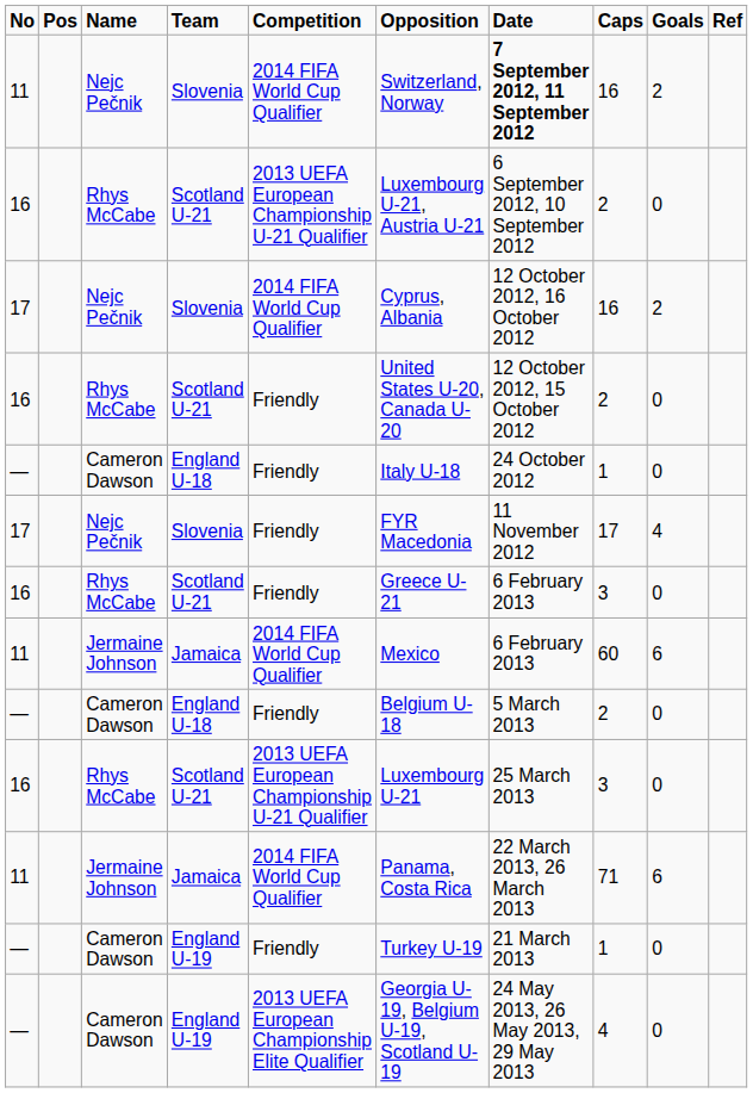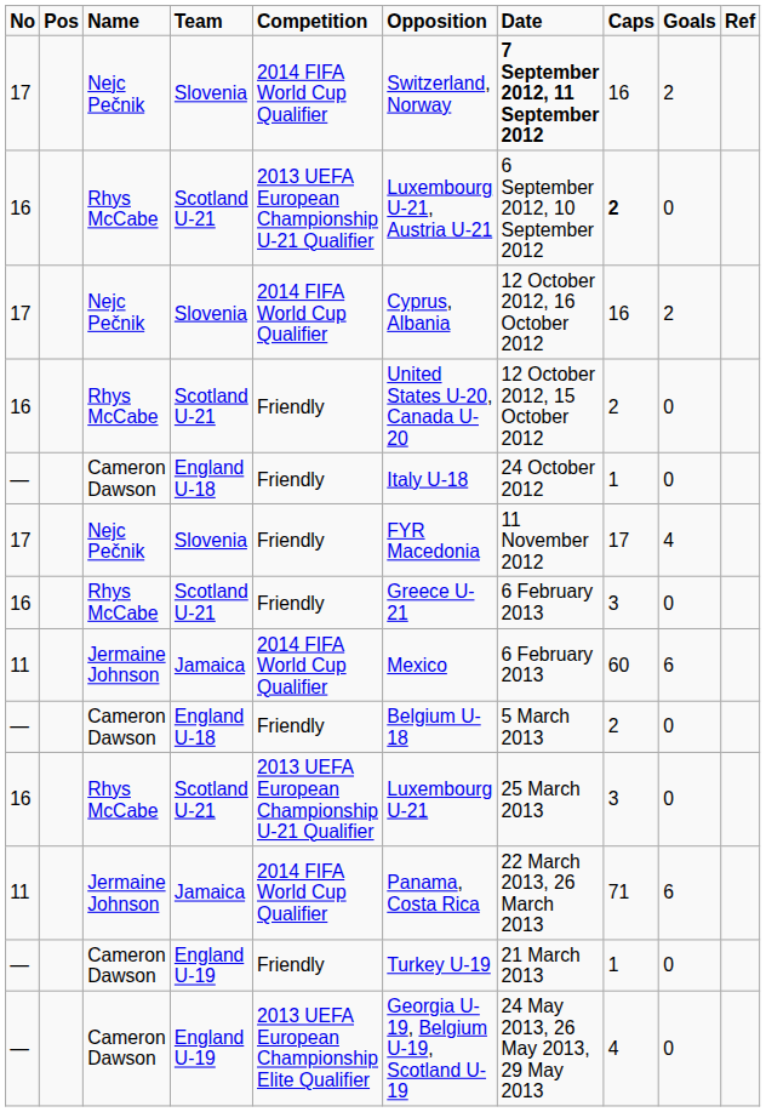 <table class="wikitable" style="width:90%; text-align:center; font-size:95%; text-align:left;">
 <tr>
 <td><strong>No</strong></td>
 <td><strong>Pos</strong></td>
 <td><strong>Name</strong></td>
 <td><strong>Team</strong></td>
 <td><strong>Competition</strong></td>
 <td><strong>Opposition</strong></td>
 <td><strong>Date</strong></td>
 <td><strong>Caps</strong></td>
 <td><strong>Goals</strong></td>
 <td><strong>Ref</strong></td>
 </tr>
 <tr>
-<td>11</td>
+<td>17</td>
 <td></td>
 <td> <a href='#'>Nejc Pečnik</a></td>
 <td><a href='#'>Slovenia</a></td>
 <td><a href='#'>2014 FIFA World Cup Qualifier</a></td>
 <td><a href='#'>Switzerland</a>, <a href='#'>Norway</a></td>
 <td><strong>7 September 2012, 11 September 2012</strong></td>
 <td>16</td>
 <td>2</td>
 <td></td>
 </tr>
 <tr>
 <td>16</td>
 <td></td>
 <td> <a href='#'>Rhys McCabe</a></td>
 <td><a href='#'>Scotland U-21</a></td>
 <td><a href='#'>2013 UEFA European Championship U-21 Qualifier</a></td>
 <td><a href='#'>Luxembourg U-21</a>, <a href='#'>Austria U-21</a></td>
 <td>6 September 2012, 10 September 2012</td>
-<td>2</td>
+<td><strong>2</strong></td>
 <td>0</td>
 <td></td>
 </tr>
 <tr>
 <td>17</td>
 <td></td>
 <td> <a href='#'>Nejc Pečnik</a></td>
 <td><a href='#'>Slovenia</a></td>
 <td><a href='#'>2014 FIFA World Cup Qualifier</a></td>
 <td><a href='#'>Cyprus</a>, <a href='#'>Albania</a></td>
 <td>12 October 2012, 16 October 2012</td>
 <td>16</td>
 <td>2</td>
 <td></td>
 </tr>
 <tr>
 <td>16</td>
 <td></td>
 <td> <a href='#'>Rhys McCabe</a></td>
 <td><a href='#'>Scotland U-21</a></td>
 <td>Friendly</td>
 <td><a href='#'>United States U-20</a>, <a href='#'>Canada U-20</a></td>
 <td>12 October 2012, 15 October 2012</td>
 <td>2</td>
 <td>0</td>
 <td></td>
 </tr>
 <tr>
 <td>—</td>
 <td></td>
 <td> Cameron Dawson</td>
 <td><a href='#'>England U-18</a></td>
 <td>Friendly</td>
 <td><a href='#'>Italy U-18</a></td>
 <td>24 October 2012</td>
 <td>1</td>
 <td>0</td>
 <td></td>
 </tr>
 <tr>
 <td>17</td>
 <td></td>
 <td> <a href='#'>Nejc Pečnik</a></td>
 <td><a href='#'>Slovenia</a></td>
 <td>Friendly</td>
 <td><a href='#'>FYR Macedonia</a></td>
 <td>11 November 2012</td>
 <td>17</td>
 <td>4</td>
 <td></td>
 </tr>
 <tr>
 <td>16</td>
 <td></td>
 <td> <a href='#'>Rhys McCabe</a></td>
 <td><a href='#'>Scotland U-21</a></td>
 <td>Friendly</td>
 <td><a href='#'>Greece U-21</a></td>
 <td>6 February 2013</td>
 <td>3</td>
 <td>0</td>
 <td></td>
 </tr>
 <tr>
 <td>11</td>
 <td></td>
 <td> <a href='#'>Jermaine Johnson</a></td>
 <td><a href='#'>Jamaica</a></td>
 <td><a href='#'>2014 FIFA World Cup Qualifier</a></td>
 <td><a href='#'>Mexico</a></td>
 <td>6 February 2013</td>
 <td>60</td>
 <td>6</td>
 <td></td>
 </tr>
 <tr>
 <td>—</td>
 <td></td>
 <td> Cameron Dawson</td>
 <td><a href='#'>England U-18</a></td>
 <td>Friendly</td>
 <td><a href='#'>Belgium U-18</a></td>
 <td>5 March 2013</td>
 <td>2</td>
 <td>0</td>
 <td></td>
 </tr>
 <tr>
 <td>16</td>
 <td></td>
 <td> <a href='#'>Rhys McCabe</a></td>
 <td><a href='#'>Scotland U-21</a></td>
 <td><a href='#'>2013 UEFA European Championship U-21 Qualifier</a></td>
 <td><a href='#'>Luxembourg U-21</a></td>
 <td>25 March 2013</td>
 <td>3</td>
 <td>0</td>
 <td></td>
 </tr>
 <tr>
 <td>11</td>
 <td></td>
 <td> <a href='#'>Jermaine Johnson</a></td>
 <td><a href='#'>Jamaica</a></td>
 <td><a href='#'>2014 FIFA World Cup Qualifier</a></td>
 <td><a href='#'>Panama</a>, <a href='#'>Costa Rica</a></td>
 <td>22 March 2013, 26 March 2013</td>
 <td>71</td>
 <td>6</td>
 <td></td>
 </tr>
 <tr>
 <td>—</td>
 <td></td>
 <td> Cameron Dawson</td>
 <td><a href='#'>England U-19</a></td>
 <td>Friendly</td>
 <td><a href='#'>Turkey U-19</a></td>
 <td>21 March 2013</td>
 <td>1</td>
 <td>0</td>
 <td></td>
 </tr>
 <tr>
 <td>—</td>
 <td></td>
 <td> Cameron Dawson</td>
 <td><a href='#'>England U-19</a></td>
 <td><a href='#'>2013 UEFA European Championship Elite Qualifier</a></td>
 <td><a href='#'>Georgia U-19</a>, <a href='#'>Belgium U-19</a>, <a href='#'>Scotland U-19</a></td>
 <td>24 May 2013, 26 May 2013, 29 May 2013</td>
 <td>4</td>
 <td>0</td>
 <td></td>
 </tr>
 </table>
